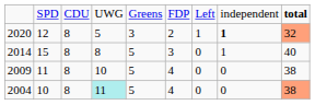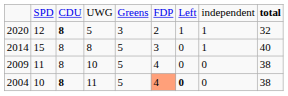 <table class="wikitable">
 <tr align="center">
 <td></td>
 <td><a href='#'>SPD</a></td>
 <td><a href='#'>CDU</a></td>
 <td>UWG</td>
 <td><a href='#'>Greens</a></td>
 <td><a href='#'>FDP</a></td>
 <td><a href='#'>Left</a></td>
 <td>independent</td>
 <td><strong>total</strong></td>
 </tr>
 <tr>
 <td>2020</td>
 <td>12</td>
-<td>8</td>
+<td><strong>8</strong></td>
 <td>5</td>
 <td>3</td>
 <td>2</td>
 <td>1</td>
-<td><strong>1</strong></td>
-<td style="background: lightsalmon;">32</td>
+<td>1</td>
+<td>32</td>
 </tr>
 <tr>
 <td>2014</td>
 <td>15</td>
 <td>8</td>
 <td>8</td>
 <td>5</td>
 <td>3</td>
 <td>0</td>
 <td>1</td>
 <td>40</td>
 </tr>
 <tr>
 <td>2009</td>
 <td>11</td>
 <td>8</td>
 <td>10</td>
 <td>5</td>
 <td>4</td>
 <td>0</td>
 <td>0</td>
 <td>38</td>
 </tr>
 <tr>
 <td>2004</td>
 <td>10</td>
-<td>8</td>
-<td style="background: paleturquoise;">11</td>
+<td><strong>8</strong></td>
+<td>11</td>
 <td>5</td>
-<td>4</td>
+<td style="background: lightsalmon;">4</td>
+<td><strong>0</strong></td>
 <td>0</td>
-<td>0</td>
-<td style="background: lightsalmon;">38</td>
+<td>38</td>
 </tr>
 </table>
